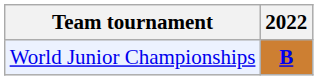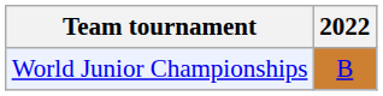 <table class="wikitable" style="font-size: 90%; text-align:center;">
 <tr>
 <th>Team tournament</th>
 <th>2022</th>
 </tr>
 <tr>
 <td bgcolor="#ECF2FF" align="left"><a href='#'>World Junior Championships</a></td>
-<td bgcolor="CD7F32"><strong><a href='#'>B</a></strong></td>
+<td bgcolor="CD7F32"><a href='#'>B</a></td>
 </tr>
 </table>
